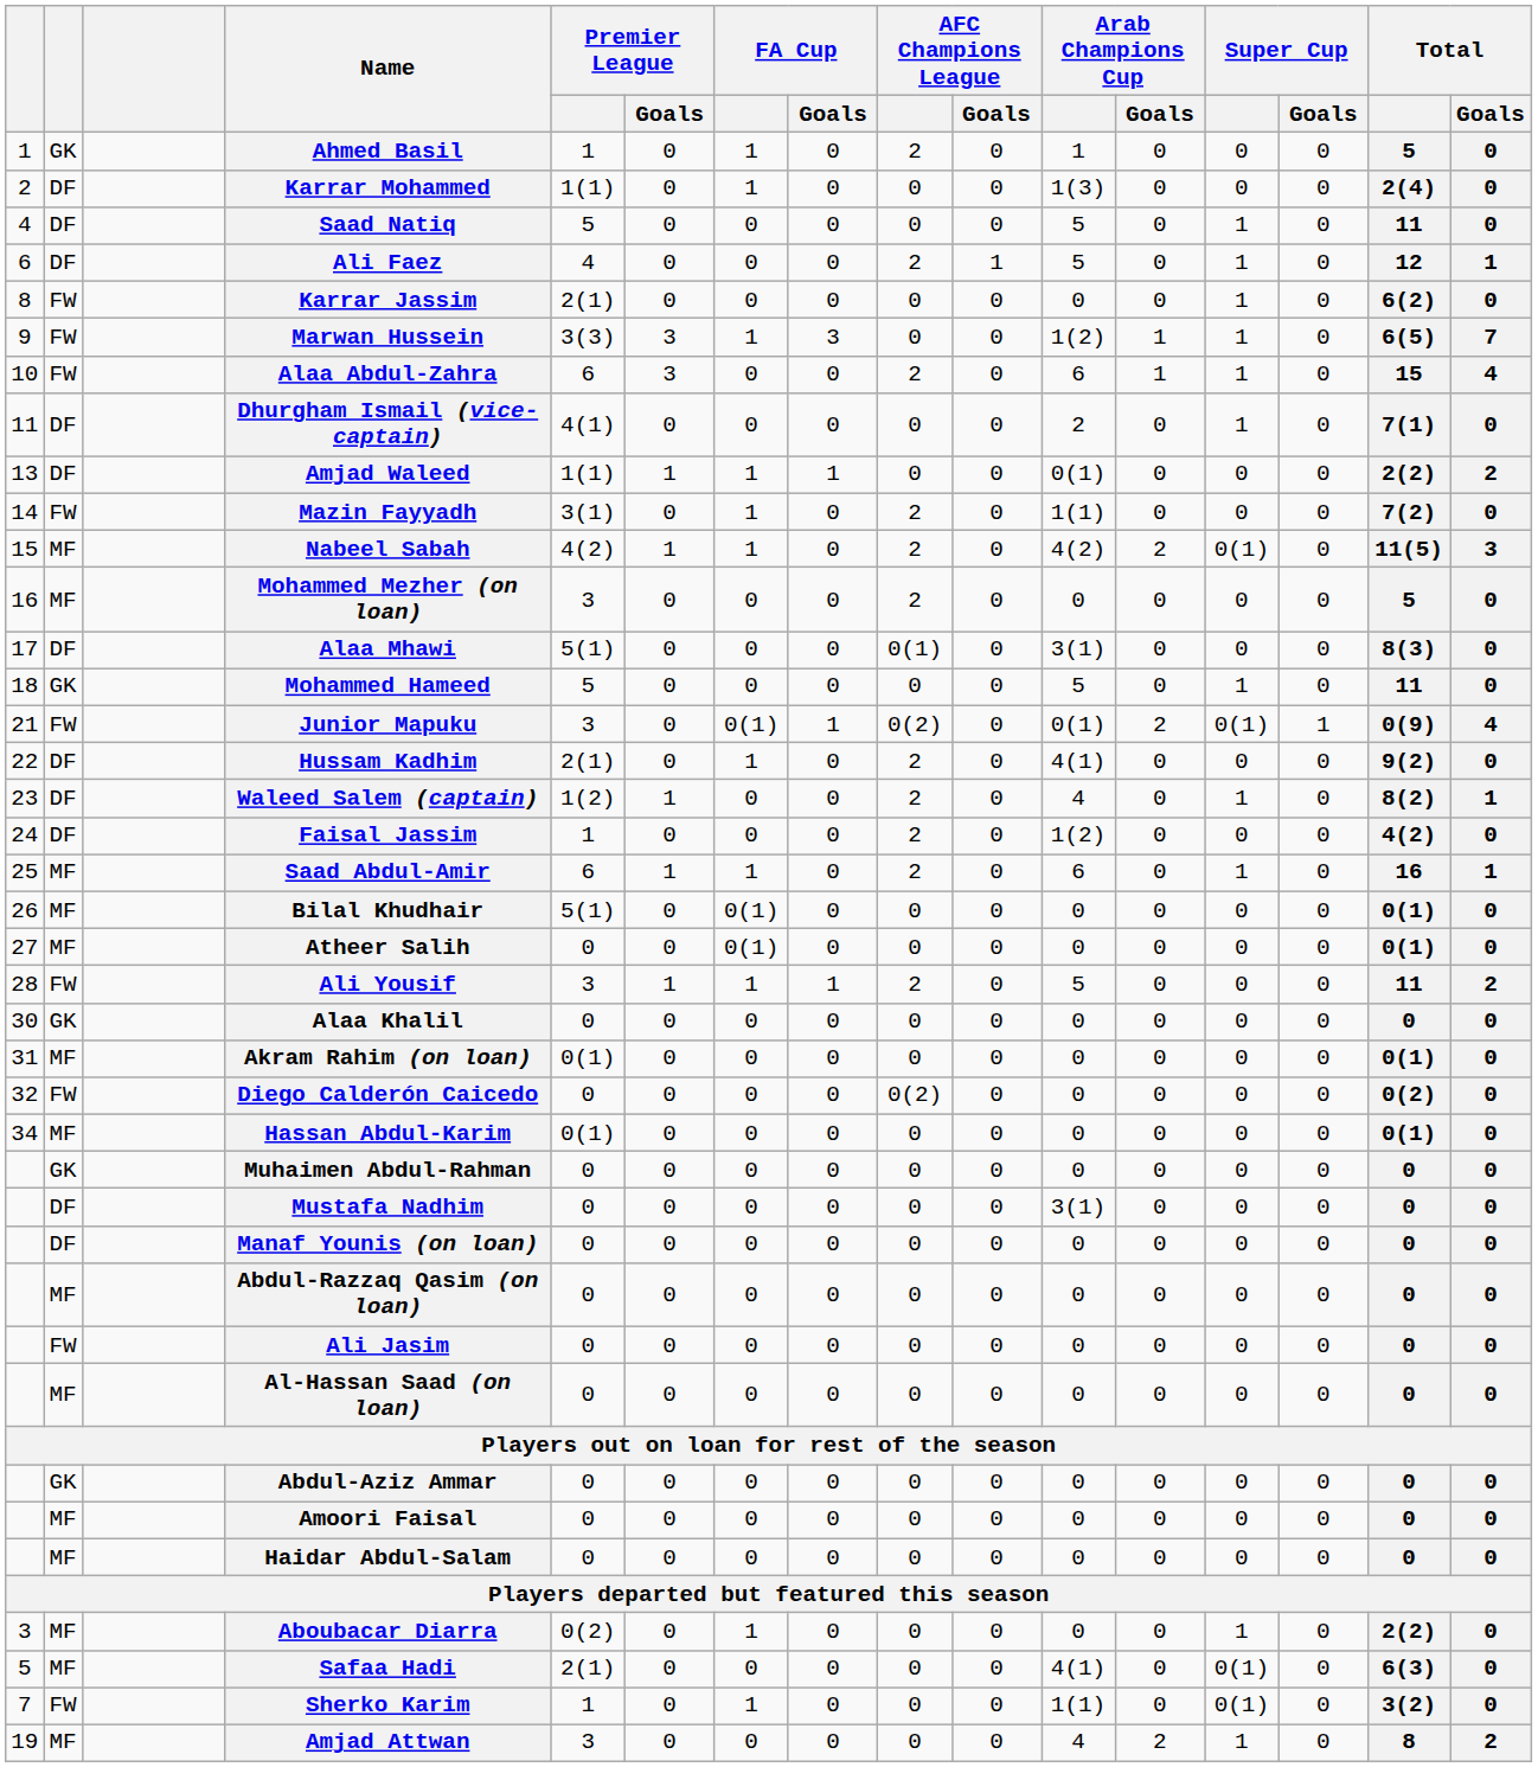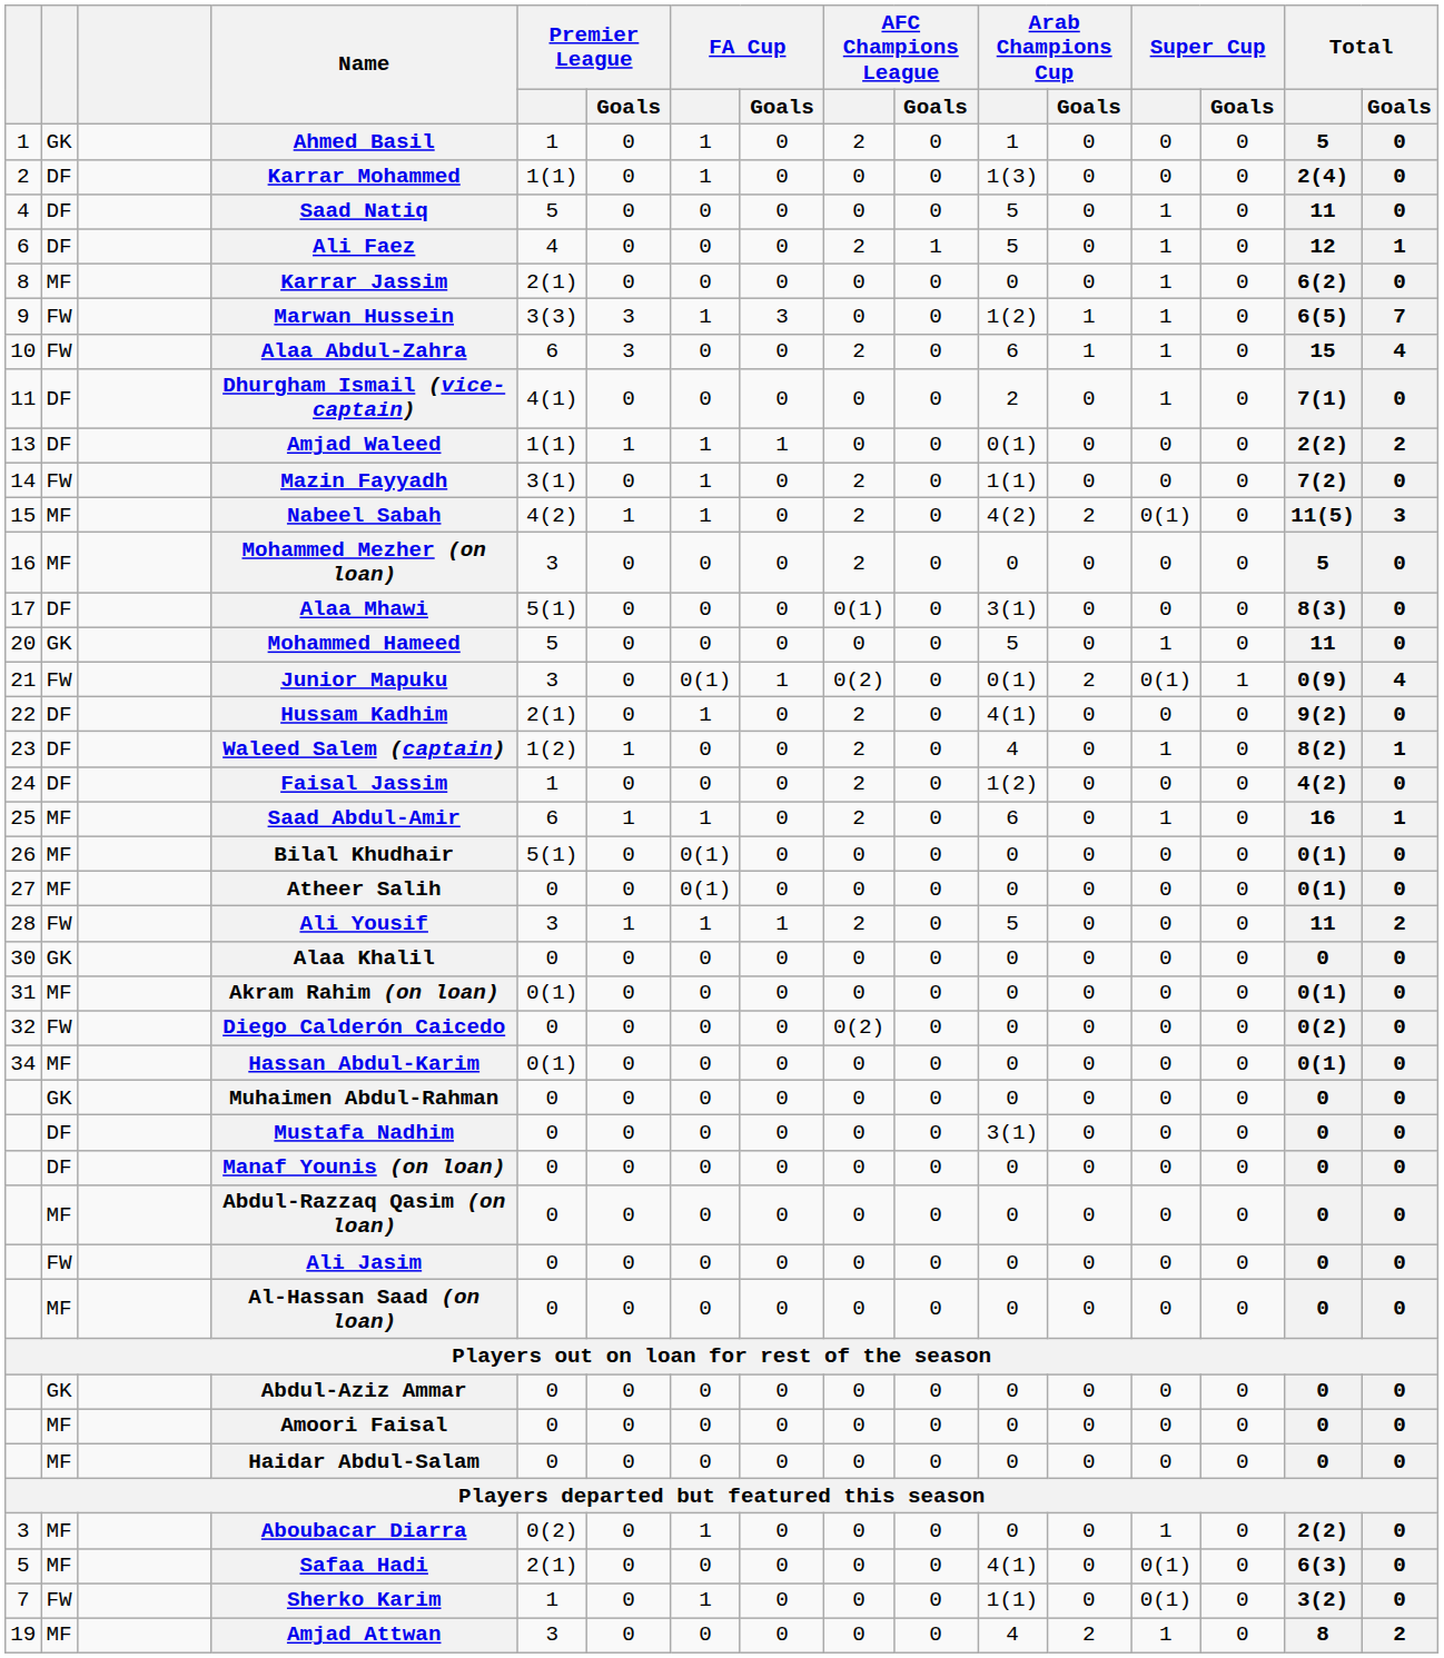 <table class="wikitable sortable plainrowheaders" style="text-align:center">
 <tr>
 <th rowspan="2"></th>
 <th rowspan="2"></th>
 <th rowspan="2" style="width:75px;"></th>
 <th rowspan="2" style="width:180px;">Name</th>
 <th colspan="2" style="width:87px;"><a href='#'>Premier League</a></th>
 <th colspan="2" style="width:87px;"><a href='#'>FA Cup</a></th>
 <th colspan="2" style="width:87px;"><a href='#'>AFC Champions League</a></th>
 <th colspan="2" style="width:87px;"><a href='#'>Arab Champions Cup</a></th>
 <th colspan="2" style="width:87px;"><a href='#'>Super Cup</a></th>
 <th colspan="2" style="width:87px;">Total</th>
 </tr>
 <tr>
 <th></th>
 <th>Goals</th>
 <th></th>
 <th>Goals</th>
 <th></th>
 <th>Goals</th>
 <th></th>
 <th>Goals</th>
 <th></th>
 <th>Goals</th>
 <th></th>
 <th>Goals</th>
 </tr>
 <tr>
 <td>1</td>
 <td>GK</td>
 <td></td>
 <th scope="row"><a href='#'>Ahmed Basil</a><br></th>
 <td>1</td>
 <td>0<br></td>
 <td>1</td>
 <td>0<br></td>
 <td>2</td>
 <td>0<br></td>
 <td>1</td>
 <td>0<br></td>
 <td>0</td>
 <td>0<br></td>
 <th>5</th>
 <th>0</th>
 </tr>
 <tr>
 <td>2</td>
 <td>DF</td>
 <td></td>
 <th scope="row"><a href='#'>Karrar Mohammed</a><br></th>
 <td>1(1)</td>
 <td>0<br></td>
 <td>1</td>
 <td>0<br></td>
 <td>0</td>
 <td>0<br></td>
 <td>1(3)</td>
 <td>0<br></td>
 <td>0</td>
 <td>0<br></td>
 <th>2(4)</th>
 <th>0</th>
 </tr>
 <tr>
 <td>4</td>
 <td>DF</td>
 <td></td>
 <th scope="row"><a href='#'>Saad Natiq</a><br></th>
 <td>5</td>
 <td>0<br></td>
 <td>0</td>
 <td>0<br></td>
 <td>0</td>
 <td>0<br></td>
 <td>5</td>
 <td>0<br></td>
 <td>1</td>
 <td>0<br></td>
 <th>11</th>
 <th>0</th>
 </tr>
 <tr>
 <td>6</td>
 <td>DF</td>
 <td></td>
 <th scope="row"><a href='#'>Ali Faez</a><br></th>
 <td>4</td>
 <td>0<br></td>
 <td>0</td>
 <td>0<br></td>
 <td>2</td>
 <td>1<br></td>
 <td>5</td>
 <td>0<br></td>
 <td>1</td>
 <td>0<br></td>
 <th>12</th>
 <th>1</th>
 </tr>
 <tr>
 <td>8</td>
-<td>FW</td>
+<td>MF</td>
 <td></td>
 <th scope="row"><a href='#'>Karrar Jassim</a><br></th>
 <td>2(1)</td>
 <td>0<br></td>
 <td>0</td>
 <td>0<br></td>
 <td>0</td>
 <td>0<br></td>
 <td>0</td>
 <td>0<br></td>
 <td>1</td>
 <td>0<br></td>
 <th>6(2)</th>
 <th>0</th>
 </tr>
 <tr>
 <td>9</td>
 <td>FW</td>
 <td></td>
 <th scope="row"><a href='#'>Marwan Hussein</a><br></th>
 <td>3(3)</td>
 <td>3<br></td>
 <td>1</td>
 <td>3<br></td>
 <td>0</td>
 <td>0<br></td>
 <td>1(2)</td>
 <td>1<br></td>
 <td>1</td>
 <td>0<br></td>
 <th>6(5)</th>
 <th>7</th>
 </tr>
 <tr>
 <td>10</td>
 <td>FW</td>
 <td></td>
 <th scope="row"><a href='#'>Alaa Abdul-Zahra</a><br></th>
 <td>6</td>
 <td>3<br></td>
 <td>0</td>
 <td>0<br></td>
 <td>2</td>
 <td>0<br></td>
 <td>6</td>
 <td>1<br></td>
 <td>1</td>
 <td>0<br></td>
 <th>15</th>
 <th>4<br>     </th>
 </tr>
 <tr>
 <td>11</td>
 <td>DF</td>
 <td></td>
 <th scope="row"><a href='#'>Dhurgham Ismail</a> <em>(<a href='#'>vice-captain</a>)</em><br></th>
 <td>4(1)</td>
 <td>0<br></td>
 <td>0</td>
 <td>0<br></td>
 <td>0</td>
 <td>0<br></td>
 <td>2</td>
 <td>0<br></td>
 <td>1</td>
 <td>0<br></td>
 <th>7(1)</th>
 <th>0</th>
 </tr>
 <tr>
 <td>13</td>
 <td>DF</td>
 <td></td>
 <th scope="row"><a href='#'>Amjad Waleed</a><br></th>
 <td>1(1)</td>
 <td>1<br></td>
 <td>1</td>
 <td>1<br></td>
 <td>0</td>
 <td>0<br></td>
 <td>0(1)</td>
 <td>0<br></td>
 <td>0</td>
 <td>0<br></td>
 <th>2(2)</th>
 <th>2</th>
 </tr>
 <tr>
 <td>14</td>
 <td>FW</td>
 <td></td>
 <th scope="row"><a href='#'>Mazin Fayyadh</a><br></th>
 <td>3(1)</td>
 <td>0<br></td>
 <td>1</td>
 <td>0<br></td>
 <td>2</td>
 <td>0<br></td>
 <td>1(1)</td>
 <td>0<br></td>
 <td>0</td>
 <td>0<br></td>
 <th>7(2)</th>
 <th>0</th>
 </tr>
 <tr>
 <td>15</td>
 <td>MF</td>
 <td></td>
 <th scope="row"><a href='#'>Nabeel Sabah</a><br></th>
 <td>4(2)</td>
 <td>1<br></td>
 <td>1</td>
 <td>0<br></td>
 <td>2</td>
 <td>0<br></td>
 <td>4(2)</td>
 <td>2<br></td>
 <td>0(1)</td>
 <td>0<br></td>
 <th>11(5)</th>
 <th>3</th>
 </tr>
 <tr>
 <td>16</td>
 <td>MF</td>
 <td></td>
 <th scope="row"><a href='#'>Mohammed Mezher</a> <em>(on loan)</em><br></th>
 <td>3</td>
 <td>0<br></td>
 <td>0</td>
 <td>0<br></td>
 <td>2</td>
 <td>0<br></td>
 <td>0</td>
 <td>0<br></td>
 <td>0</td>
 <td>0<br></td>
 <th>5</th>
 <th>0</th>
 </tr>
 <tr>
 <td>17</td>
 <td>DF</td>
 <td></td>
 <th scope="row"><a href='#'>Alaa Mhawi</a><br></th>
 <td>5(1)</td>
 <td>0<br></td>
 <td>0</td>
 <td>0<br></td>
 <td>0(1)</td>
 <td>0<br></td>
 <td>3(1)</td>
 <td>0<br></td>
 <td>0</td>
 <td>0<br></td>
 <th>8(3)</th>
 <th>0</th>
 </tr>
 <tr>
-<td>18</td>
+<td>20</td>
 <td>GK</td>
 <td></td>
 <th scope="row"><a href='#'>Mohammed Hameed</a><br></th>
 <td>5</td>
 <td>0<br></td>
 <td>0</td>
 <td>0<br></td>
 <td>0</td>
 <td>0<br></td>
 <td>5</td>
 <td>0<br></td>
 <td>1</td>
 <td>0<br></td>
 <th>11</th>
 <th>0</th>
 </tr>
 <tr>
 <td>21</td>
 <td>FW</td>
 <td></td>
 <th scope="row"><a href='#'>Junior Mapuku</a><br></th>
 <td>3</td>
 <td>0<br></td>
 <td>0(1)</td>
 <td>1<br></td>
 <td>0(2)</td>
 <td>0<br></td>
 <td>0(1)</td>
 <td>2<br></td>
 <td>0(1)</td>
 <td>1<br></td>
 <th>0(9)</th>
 <th>4</th>
 </tr>
 <tr>
 <td>22</td>
 <td>DF</td>
 <td></td>
 <th scope="row"><a href='#'>Hussam Kadhim</a><br></th>
 <td>2(1)</td>
 <td>0<br></td>
 <td>1</td>
 <td>0<br></td>
 <td>2</td>
 <td>0<br></td>
 <td>4(1)</td>
 <td>0<br></td>
 <td>0</td>
 <td>0<br></td>
 <th>9(2)</th>
 <th>0</th>
 </tr>
 <tr>
 <td>23</td>
 <td>DF</td>
 <td></td>
 <th scope="row"><a href='#'>Waleed Salem</a> <em>(<a href='#'>captain</a>)</em><br></th>
 <td>1(2)</td>
 <td>1<br></td>
 <td>0</td>
 <td>0<br></td>
 <td>2</td>
 <td>0<br></td>
 <td>4</td>
 <td>0<br></td>
 <td>1</td>
 <td>0<br></td>
 <th>8(2)</th>
 <th>1</th>
 </tr>
 <tr>
 <td>24</td>
 <td>DF</td>
 <td></td>
 <th scope="row"><a href='#'>Faisal Jassim</a><br></th>
 <td>1</td>
 <td>0<br></td>
 <td>0</td>
 <td>0<br></td>
 <td>2</td>
 <td>0<br></td>
 <td>1(2)</td>
 <td>0<br></td>
 <td>0</td>
 <td>0<br></td>
 <th>4(2)</th>
 <th>0</th>
 </tr>
 <tr>
 <td>25</td>
 <td>MF</td>
 <td></td>
 <th scope="row"><a href='#'>Saad Abdul-Amir</a><br></th>
 <td>6</td>
 <td>1<br></td>
 <td>1</td>
 <td>0<br></td>
 <td>2</td>
 <td>0<br></td>
 <td>6</td>
 <td>0<br></td>
 <td>1</td>
 <td>0<br></td>
 <th>16</th>
 <th>1</th>
 </tr>
 <tr>
 <td>26</td>
 <td>MF</td>
 <td></td>
 <th scope="row">Bilal Khudhair<br></th>
 <td>5(1)</td>
 <td>0<br></td>
 <td>0(1)</td>
 <td>0<br></td>
 <td>0</td>
 <td>0<br></td>
 <td>0</td>
 <td>0<br></td>
 <td>0</td>
 <td>0<br></td>
 <th>0(1)</th>
 <th>0</th>
 </tr>
 <tr>
 <td>27</td>
 <td>MF</td>
 <td></td>
 <th scope="row">Atheer Salih<br></th>
 <td>0</td>
 <td>0<br></td>
 <td>0(1)</td>
 <td>0<br></td>
 <td>0</td>
 <td>0<br></td>
 <td>0</td>
 <td>0<br></td>
 <td>0</td>
 <td>0<br></td>
 <th>0(1)</th>
 <th>0</th>
 </tr>
 <tr>
 <td>28</td>
 <td>FW</td>
 <td></td>
 <th scope="row"><a href='#'>Ali Yousif</a><br></th>
 <td>3</td>
 <td>1<br></td>
 <td>1</td>
 <td>1<br></td>
 <td>2</td>
 <td>0<br></td>
 <td>5</td>
 <td>0<br></td>
 <td>0</td>
 <td>0<br></td>
 <th>11</th>
 <th>2</th>
 </tr>
 <tr>
 <td>30</td>
 <td>GK</td>
 <td></td>
 <th scope="row">Alaa Khalil<br></th>
 <td>0</td>
 <td>0<br></td>
 <td>0</td>
 <td>0<br></td>
 <td>0</td>
 <td>0<br></td>
 <td>0</td>
 <td>0<br></td>
 <td>0</td>
 <td>0<br></td>
 <th>0</th>
 <th>0</th>
 </tr>
 <tr>
 <td>31</td>
 <td>MF</td>
 <td></td>
 <th scope="row">Akram Rahim <em>(on loan)</em><br></th>
 <td>0(1)</td>
 <td>0<br></td>
 <td>0</td>
 <td>0<br></td>
 <td>0</td>
 <td>0<br></td>
 <td>0</td>
 <td>0<br></td>
 <td>0</td>
 <td>0<br></td>
 <th>0(1)</th>
 <th>0</th>
 </tr>
 <tr>
 <td>32</td>
 <td>FW</td>
 <td></td>
 <th scope="row"><a href='#'>Diego Calderón Caicedo</a><br></th>
 <td>0</td>
 <td>0<br></td>
 <td>0</td>
 <td>0<br></td>
 <td>0(2)</td>
 <td>0<br></td>
 <td>0</td>
 <td>0<br></td>
 <td>0</td>
 <td>0<br></td>
 <th>0(2)</th>
 <th>0</th>
 </tr>
 <tr>
 <td>34</td>
 <td>MF</td>
 <td></td>
 <th scope="row"><a href='#'>Hassan Abdul-Karim</a><br></th>
 <td>0(1)</td>
 <td>0<br></td>
 <td>0</td>
 <td>0<br></td>
 <td>0</td>
 <td>0<br></td>
 <td>0</td>
 <td>0<br></td>
 <td>0</td>
 <td>0<br></td>
 <th>0(1)</th>
 <th>0</th>
 </tr>
 <tr>
 <td></td>
 <td>GK</td>
 <td></td>
 <th scope="row">Muhaimen Abdul-Rahman<br></th>
 <td>0</td>
 <td>0<br></td>
 <td>0</td>
 <td>0<br></td>
 <td>0</td>
 <td>0<br></td>
 <td>0</td>
 <td>0<br></td>
 <td>0</td>
 <td>0<br></td>
 <th>0</th>
 <th>0</th>
 </tr>
 <tr>
 <td></td>
 <td>DF</td>
 <td></td>
 <th scope="row"><a href='#'>Mustafa Nadhim</a><br></th>
 <td>0</td>
 <td>0<br></td>
 <td>0</td>
 <td>0<br></td>
 <td>0</td>
 <td>0<br></td>
 <td>3(1)</td>
 <td>0<br></td>
 <td>0</td>
 <td>0<br></td>
 <th>0</th>
 <th>0<br>     </th>
 </tr>
 <tr>
 <td></td>
 <td>DF</td>
 <td></td>
 <th scope="row"><a href='#'>Manaf Younis</a> <em>(on loan)</em><br></th>
 <td>0</td>
 <td>0<br></td>
 <td>0</td>
 <td>0<br></td>
 <td>0</td>
 <td>0<br></td>
 <td>0</td>
 <td>0<br></td>
 <td>0</td>
 <td>0<br></td>
 <th>0</th>
 <th>0</th>
 </tr>
 <tr>
 <td></td>
 <td>MF</td>
 <td></td>
 <th scope="row">Abdul-Razzaq Qasim <em>(on loan)</em><br></th>
 <td>0</td>
 <td>0<br></td>
 <td>0</td>
 <td>0<br></td>
 <td>0</td>
 <td>0<br></td>
 <td>0</td>
 <td>0<br></td>
 <td>0</td>
 <td>0<br></td>
 <th>0</th>
 <th>0</th>
 </tr>
 <tr>
 <td></td>
 <td>FW</td>
 <td></td>
 <th scope="row"><a href='#'>Ali Jasim</a><br></th>
 <td>0</td>
 <td>0<br></td>
 <td>0</td>
 <td>0<br></td>
 <td>0</td>
 <td>0<br></td>
 <td>0</td>
 <td>0<br></td>
 <td>0</td>
 <td>0<br></td>
 <th>0</th>
 <th>0</th>
 </tr>
 <tr>
 <td></td>
 <td>MF</td>
 <td></td>
 <th scope="row">Al-Hassan Saad <em>(on loan)</em><br></th>
 <td>0</td>
 <td>0<br></td>
 <td>0</td>
 <td>0<br></td>
 <td>0</td>
 <td>0<br></td>
 <td>0</td>
 <td>0<br></td>
 <td>0</td>
 <td>0<br></td>
 <th>0</th>
 <th>0</th>
 </tr>
 <tr>
 <th colspan="16">Players out on loan for rest of the season</th>
 </tr>
 <tr>
 <td></td>
 <td>GK</td>
 <td></td>
 <th scope="row">Abdul-Aziz Ammar<br></th>
 <td>0</td>
 <td>0<br></td>
 <td>0</td>
 <td>0<br></td>
 <td>0</td>
 <td>0<br></td>
 <td>0</td>
 <td>0<br></td>
 <td>0</td>
 <td>0<br></td>
 <th>0</th>
 <th>0</th>
 </tr>
 <tr>
 <td></td>
 <td>MF</td>
 <td></td>
 <th scope="row">Amoori Faisal<br></th>
 <td>0</td>
 <td>0<br></td>
 <td>0</td>
 <td>0<br></td>
 <td>0</td>
 <td>0<br></td>
 <td>0</td>
 <td>0<br></td>
 <td>0</td>
 <td>0<br></td>
 <th>0</th>
 <th>0</th>
 </tr>
 <tr>
 <td></td>
 <td>MF</td>
 <td></td>
 <th scope="row">Haidar Abdul-Salam<br></th>
 <td>0</td>
 <td>0<br></td>
 <td>0</td>
 <td>0<br></td>
 <td>0</td>
 <td>0<br></td>
 <td>0</td>
 <td>0<br></td>
 <td>0</td>
 <td>0<br></td>
 <th>0</th>
 <th>0</th>
 </tr>
 <tr>
 <th colspan="16">Players departed but featured this season</th>
 </tr>
 <tr>
 <td>3</td>
 <td>MF</td>
 <td></td>
 <th scope="row"><a href='#'>Aboubacar Diarra</a><br></th>
 <td>0(2)</td>
 <td>0<br></td>
 <td>1</td>
 <td>0<br></td>
 <td>0</td>
 <td>0<br></td>
 <td>0</td>
 <td>0<br></td>
 <td>1</td>
 <td>0<br></td>
 <th>2(2)</th>
 <th>0</th>
 </tr>
 <tr>
 <td>5</td>
 <td>MF</td>
 <td></td>
 <th scope="row"><a href='#'>Safaa Hadi</a><br></th>
 <td>2(1)</td>
 <td>0<br></td>
 <td>0</td>
 <td>0<br></td>
 <td>0</td>
 <td>0<br></td>
 <td>4(1)</td>
 <td>0<br></td>
 <td>0(1)</td>
 <td>0<br></td>
 <th>6(3)</th>
 <th>0</th>
 </tr>
 <tr>
 <td>7</td>
 <td>FW</td>
 <td></td>
 <th scope="row"><a href='#'>Sherko Karim</a></th>
 <td>1</td>
 <td>0</td>
 <td>1</td>
 <td>0</td>
 <td>0</td>
 <td>0</td>
 <td>1(1)</td>
 <td>0</td>
 <td>0(1)</td>
 <td>0</td>
 <th>3(2)</th>
 <th>0</th>
 </tr>
 <tr>
 <td>19</td>
 <td>MF</td>
 <td></td>
 <th scope="row"><a href='#'>Amjad Attwan</a><br></th>
 <td>3</td>
 <td>0<br></td>
 <td>0</td>
 <td>0<br></td>
 <td>0</td>
 <td>0<br></td>
 <td>4</td>
 <td>2<br></td>
 <td>1</td>
 <td>0<br></td>
 <th>8</th>
 <th>2</th>
 </tr>
 </table>
